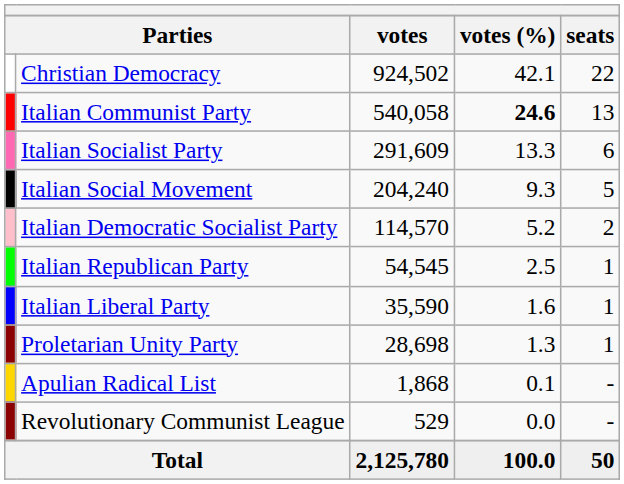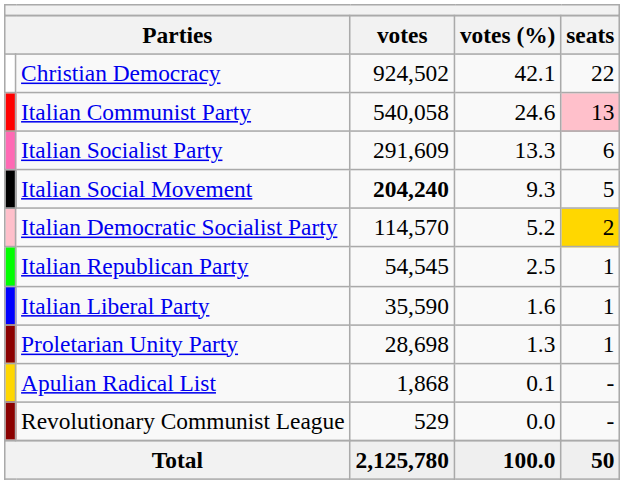 <table class="wikitable" style="font-size:95%">
 <tr>
 <th colspan=5></th>
 </tr>
 <tr>
 </tr>
 <tr bgcolor="EFEFEF">
 <th colspan=2>Parties</th>
 <th>votes</th>
 <th>votes (%)</th>
 <th>seats</th>
 </tr>
 <tr>
 <td bgcolor=White></td>
 <td><a href='#'>Christian Democracy</a></td>
 <td align=right>924,502</td>
 <td align=right>42.1</td>
 <td align=right>22</td>
 </tr>
 <tr>
 <td bgcolor=Red></td>
 <td><a href='#'>Italian Communist Party</a></td>
 <td align=right>540,058</td>
-<td align=right><strong>24.6</strong></td>
-<td align=right>13</td>
+<td align=right>24.6</td>
+<td align=right style="background: pink;">13</td>
 </tr>
 <tr>
 <td bgcolor=Hotpink></td>
 <td><a href='#'>Italian Socialist Party</a></td>
 <td align=right>291,609</td>
 <td align=right>13.3</td>
 <td align=right>6</td>
 </tr>
 <tr>
 <td bgcolor=Black></td>
 <td><a href='#'>Italian Social Movement</a></td>
-<td align=right>204,240</td>
+<td align=right><strong>204,240</strong></td>
 <td align=right>9.3</td>
 <td align=right>5</td>
 </tr>
 <tr>
 <td bgcolor=Pink></td>
 <td><a href='#'>Italian Democratic Socialist Party</a></td>
 <td align=right>114,570</td>
 <td align=right>5.2</td>
-<td align=right>2</td>
+<td align=right style="background: gold;">2</td>
 </tr>
 <tr>
 <td bgcolor=Lime></td>
 <td><a href='#'>Italian Republican Party</a></td>
 <td align=right>54,545</td>
 <td align=right>2.5</td>
 <td align=right>1</td>
 </tr>
 <tr>
 <td bgcolor=Blue></td>
 <td><a href='#'>Italian Liberal Party</a></td>
 <td align=right>35,590</td>
 <td align=right>1.6</td>
 <td align=right>1</td>
 </tr>
 <tr>
 <td bgcolor=Darkred></td>
 <td><a href='#'>Proletarian Unity Party</a></td>
 <td align=right>28,698</td>
 <td align=right>1.3</td>
 <td align=right>1</td>
 </tr>
 <tr>
 <td bgcolor=Gold></td>
 <td><a href='#'>Apulian Radical List</a></td>
 <td align=right>1,868</td>
 <td align=right>0.1</td>
 <td align=right>-</td>
 </tr>
 <tr>
 <td bgcolor=Darkred></td>
 <td>Revolutionary Communist League</td>
 <td align=right>529</td>
 <td align=right>0.0</td>
 <td align=right>-</td>
 </tr>
 <tr>
 </tr>
 <tr bgcolor="EFEFEF">
 <th colspan=2><strong>Total</strong></th>
 <td align=right><strong>2,125,780</strong></td>
 <td align=right><strong>100.0</strong></td>
 <td align=right><strong>50</strong></td>
 </tr>
 </table>
